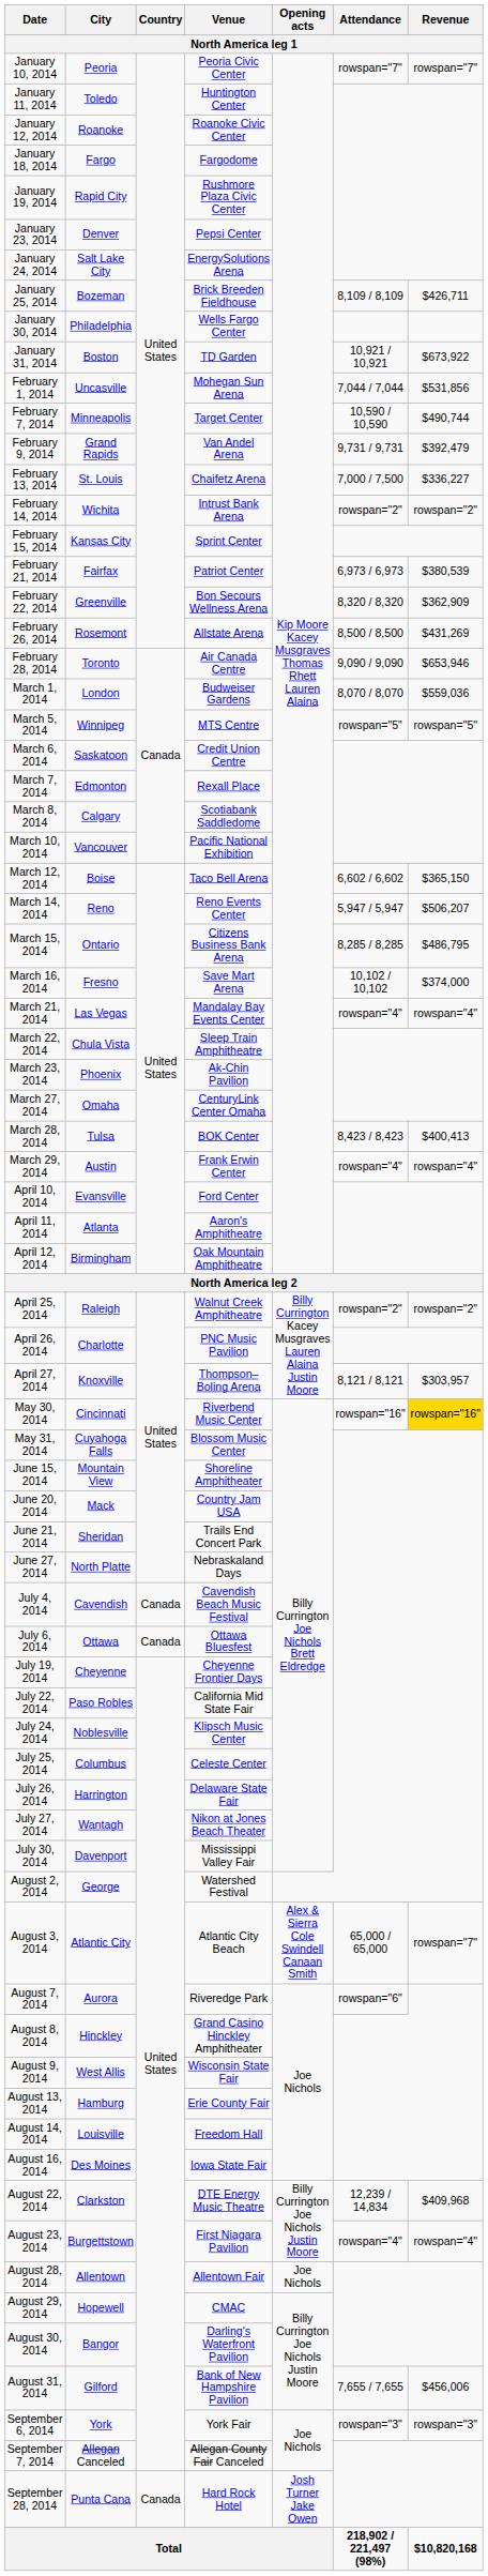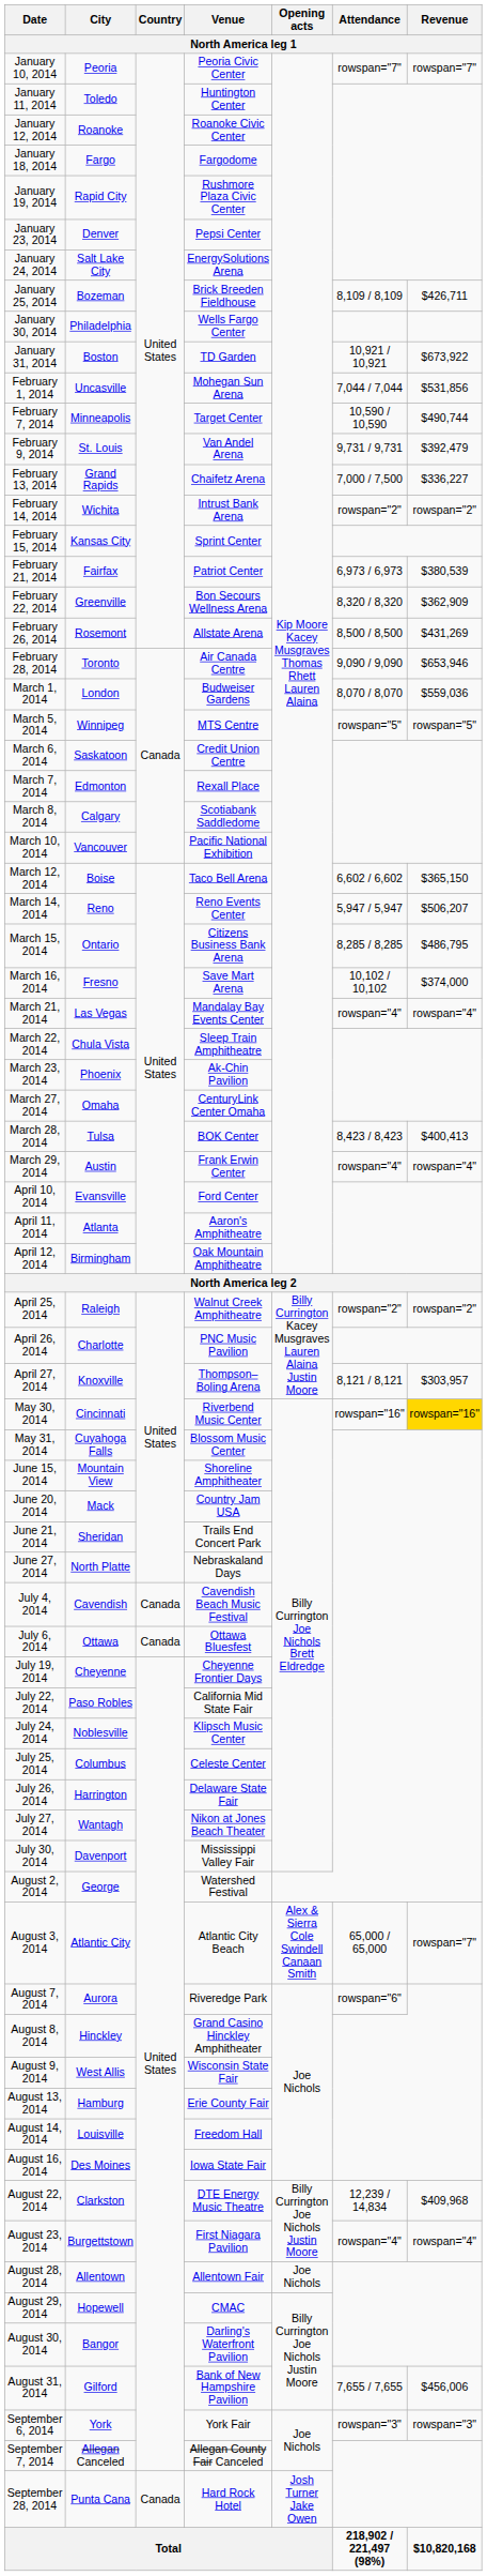 <table class="wikitable" style="text-align:center;">
 <tr>
 <th style="width:150px;">Date</th>
 <th style="width:150px;">City</th>
 <th style="width:150px;">Country</th>
 <th style="width:250px;">Venue</th>
 <th style="width:150px;">Opening acts</th>
 <th style="width:250px;">Attendance</th>
 <th style="width:150px;">Revenue</th>
 </tr>
 <tr>
 <th colspan="7"><strong>North America leg 1</strong></th>
 </tr>
 <tr>
 <td>January 10, 2014</td>
 <td><a href='#'>Peoria</a></td>
 <td rowspan="19">United States</td>
 <td><a href='#'>Peoria Civic Center</a></td>
 <td rowspan="39"><a href='#'>Kip Moore</a><br><a href='#'>Kacey Musgraves</a><br><a href='#'>Thomas Rhett</a><br><a href='#'>Lauren Alaina</a></td>
 <td>rowspan="7" </td>
 <td>rowspan="7" </td>
 </tr>
 <tr>
 <td>January 11, 2014</td>
 <td><a href='#'>Toledo</a></td>
 <td><a href='#'>Huntington Center</a></td>
 </tr>
 <tr>
 <td>January 12, 2014</td>
 <td><a href='#'>Roanoke</a></td>
 <td><a href='#'>Roanoke Civic Center</a></td>
 </tr>
 <tr>
 <td>January 18, 2014</td>
 <td><a href='#'>Fargo</a></td>
 <td><a href='#'>Fargodome</a></td>
 </tr>
 <tr>
 <td>January 19, 2014</td>
 <td><a href='#'>Rapid City</a></td>
 <td><a href='#'>Rushmore Plaza Civic Center</a></td>
 </tr>
 <tr>
 <td>January 23, 2014</td>
 <td><a href='#'>Denver</a></td>
 <td><a href='#'>Pepsi Center</a></td>
 </tr>
 <tr>
 <td>January 24, 2014</td>
 <td><a href='#'>Salt Lake City</a></td>
 <td><a href='#'>EnergySolutions Arena</a></td>
 </tr>
 <tr>
 <td>January 25, 2014</td>
 <td><a href='#'>Bozeman</a></td>
 <td><a href='#'>Brick Breeden Fieldhouse</a></td>
 <td>8,109 / 8,109</td>
 <td>$426,711</td>
 </tr>
 <tr>
 <td>January 30, 2014</td>
 <td><a href='#'>Philadelphia</a></td>
 <td><a href='#'>Wells Fargo Center</a></td>
 <td></td>
 <td></td>
 </tr>
 <tr>
 <td>January 31, 2014</td>
 <td><a href='#'>Boston</a></td>
 <td><a href='#'>TD Garden</a></td>
 <td>10,921 / 10,921</td>
 <td>$673,922</td>
 </tr>
 <tr>
 <td>February 1, 2014</td>
 <td><a href='#'>Uncasville</a></td>
 <td><a href='#'>Mohegan Sun Arena</a></td>
 <td>7,044 / 7,044</td>
 <td>$531,856</td>
 </tr>
 <tr>
 <td>February 7, 2014</td>
 <td><a href='#'>Minneapolis</a></td>
 <td><a href='#'>Target Center</a></td>
 <td>10,590 / 10,590</td>
 <td>$490,744</td>
 </tr>
 <tr>
 <td>February 9, 2014</td>
-<td><a href='#'>Grand Rapids</a></td>
+<td><a href='#'>St. Louis</a></td>
 <td><a href='#'>Van Andel Arena</a></td>
 <td>9,731 / 9,731</td>
 <td>$392,479</td>
 </tr>
 <tr>
 <td>February 13, 2014</td>
-<td><a href='#'>St. Louis</a></td>
+<td><a href='#'>Grand Rapids</a></td>
 <td><a href='#'>Chaifetz Arena</a></td>
 <td>7,000 / 7,500</td>
 <td>$336,227</td>
 </tr>
 <tr>
 <td>February 14, 2014</td>
 <td><a href='#'>Wichita</a></td>
 <td><a href='#'>Intrust Bank Arena</a></td>
 <td>rowspan="2" </td>
 <td>rowspan="2" </td>
 </tr>
 <tr>
 <td>February 15, 2014</td>
 <td><a href='#'>Kansas City</a></td>
 <td><a href='#'>Sprint Center</a></td>
 </tr>
 <tr>
 <td>February 21, 2014</td>
 <td><a href='#'>Fairfax</a></td>
 <td><a href='#'>Patriot Center</a></td>
 <td>6,973 / 6,973</td>
 <td>$380,539</td>
 </tr>
 <tr>
 <td>February 22, 2014</td>
 <td><a href='#'>Greenville</a></td>
 <td><a href='#'>Bon Secours Wellness Arena</a></td>
 <td>8,320 / 8,320</td>
 <td>$362,909</td>
 </tr>
 <tr>
 <td>February 26, 2014</td>
 <td><a href='#'>Rosemont</a></td>
 <td><a href='#'>Allstate Arena</a></td>
 <td>8,500 / 8,500</td>
 <td>$431,269</td>
 </tr>
 <tr>
 <td>February 28, 2014</td>
 <td><a href='#'>Toronto</a></td>
 <td rowspan="7">Canada</td>
 <td><a href='#'>Air Canada Centre</a></td>
 <td>9,090 / 9,090</td>
 <td>$653,946</td>
 </tr>
 <tr>
 <td>March 1, 2014</td>
 <td><a href='#'>London</a></td>
 <td><a href='#'>Budweiser Gardens</a></td>
 <td>8,070 / 8,070</td>
 <td>$559,036</td>
 </tr>
 <tr>
 <td>March 5, 2014</td>
 <td><a href='#'>Winnipeg</a></td>
 <td><a href='#'>MTS Centre</a></td>
 <td>rowspan="5" </td>
 <td>rowspan="5" </td>
 </tr>
 <tr>
 <td>March 6, 2014</td>
 <td><a href='#'>Saskatoon</a></td>
 <td><a href='#'>Credit Union Centre</a></td>
 </tr>
 <tr>
 <td>March 7, 2014</td>
 <td><a href='#'>Edmonton</a></td>
 <td><a href='#'>Rexall Place</a></td>
 </tr>
 <tr>
 <td>March 8, 2014</td>
 <td><a href='#'>Calgary</a></td>
 <td><a href='#'>Scotiabank Saddledome</a></td>
 </tr>
 <tr>
 <td>March 10, 2014</td>
 <td><a href='#'>Vancouver</a></td>
 <td><a href='#'>Pacific National Exhibition</a></td>
 </tr>
 <tr>
 <td>March 12, 2014</td>
 <td><a href='#'>Boise</a></td>
 <td rowspan="13">United States</td>
 <td><a href='#'>Taco Bell Arena</a></td>
 <td>6,602 / 6,602</td>
 <td>$365,150</td>
 </tr>
 <tr>
 <td>March 14, 2014</td>
 <td><a href='#'>Reno</a></td>
 <td><a href='#'>Reno Events Center</a></td>
 <td>5,947 / 5,947</td>
 <td>$506,207</td>
 </tr>
 <tr>
 <td>March 15, 2014</td>
 <td><a href='#'>Ontario</a></td>
 <td><a href='#'>Citizens Business Bank Arena</a></td>
 <td>8,285 / 8,285</td>
 <td>$486,795</td>
 </tr>
 <tr>
 <td>March 16, 2014</td>
 <td><a href='#'>Fresno</a></td>
 <td><a href='#'>Save Mart Arena</a></td>
 <td>10,102 / 10,102</td>
 <td>$374,000</td>
 </tr>
 <tr>
 <td>March 21, 2014</td>
 <td><a href='#'>Las Vegas</a></td>
 <td><a href='#'>Mandalay Bay Events Center</a></td>
 <td>rowspan="4" </td>
 <td>rowspan="4" </td>
 </tr>
 <tr>
 <td>March 22, 2014</td>
 <td><a href='#'>Chula Vista</a></td>
 <td><a href='#'>Sleep Train Amphitheatre</a></td>
 </tr>
 <tr>
 <td>March 23, 2014</td>
 <td><a href='#'>Phoenix</a></td>
 <td><a href='#'>Ak-Chin Pavilion</a></td>
 </tr>
 <tr>
 <td>March 27, 2014</td>
 <td><a href='#'>Omaha</a></td>
 <td><a href='#'>CenturyLink Center Omaha</a></td>
 </tr>
 <tr>
 <td>March 28, 2014</td>
 <td><a href='#'>Tulsa</a></td>
 <td><a href='#'>BOK Center</a></td>
 <td>8,423 / 8,423</td>
 <td>$400,413</td>
 </tr>
 <tr>
 <td>March 29, 2014</td>
 <td><a href='#'>Austin</a></td>
 <td><a href='#'>Frank Erwin Center</a></td>
 <td>rowspan="4" </td>
 <td>rowspan="4" </td>
 </tr>
 <tr>
 <td>April 10, 2014</td>
 <td><a href='#'>Evansville</a></td>
 <td><a href='#'>Ford Center</a></td>
 </tr>
 <tr>
 <td>April 11, 2014</td>
 <td><a href='#'>Atlanta</a></td>
 <td><a href='#'>Aaron's Amphitheatre</a></td>
 </tr>
 <tr>
 <td>April 12, 2014</td>
 <td><a href='#'>Birmingham</a></td>
 <td><a href='#'>Oak Mountain Amphitheatre</a></td>
 </tr>
 <tr>
 <th colspan="7">North America leg 2</th>
 </tr>
 <tr>
 <td>April 25, 2014</td>
 <td><a href='#'>Raleigh</a></td>
 <td rowspan="9">United States</td>
 <td><a href='#'>Walnut Creek Amphitheatre</a></td>
 <td rowspan="3"><a href='#'>Billy Currington</a><br>Kacey Musgraves<br><a href='#'>Lauren Alaina</a><br><a href='#'>Justin Moore</a></td>
 <td>rowspan="2" </td>
 <td>rowspan="2" </td>
 </tr>
 <tr>
 <td>April 26, 2014</td>
 <td><a href='#'>Charlotte</a></td>
 <td><a href='#'>PNC Music Pavilion</a></td>
 </tr>
 <tr>
 <td>April 27, 2014</td>
 <td><a href='#'>Knoxville</a></td>
 <td><a href='#'>Thompson–Boling Arena</a></td>
 <td>8,121 / 8,121</td>
 <td>$303,957</td>
 </tr>
 <tr>
 <td>May 30, 2014</td>
 <td><a href='#'>Cincinnati</a></td>
 <td><a href='#'>Riverbend Music Center</a></td>
 <td rowspan="15">Billy Currington<br><a href='#'>Joe Nichols</a><br><a href='#'>Brett Eldredge</a></td>
 <td>rowspan="16" </td>
 <td style="background: gold;">rowspan="16" </td>
 </tr>
 <tr>
 <td>May 31, 2014</td>
 <td><a href='#'>Cuyahoga Falls</a></td>
 <td><a href='#'>Blossom Music Center</a></td>
 </tr>
 <tr>
 <td>June 15, 2014</td>
 <td><a href='#'>Mountain View</a></td>
 <td><a href='#'>Shoreline Amphitheater</a></td>
 </tr>
 <tr>
 <td>June 20, 2014</td>
 <td><a href='#'>Mack</a></td>
 <td><a href='#'>Country Jam USA</a></td>
 </tr>
 <tr>
 <td>June 21, 2014</td>
 <td><a href='#'>Sheridan</a></td>
 <td>Trails End Concert Park</td>
 </tr>
 <tr>
 <td>June 27, 2014</td>
 <td><a href='#'>North Platte</a></td>
 <td>Nebraskaland Days</td>
 </tr>
 <tr>
 <td>July 4, 2014</td>
 <td><a href='#'>Cavendish</a></td>
 <td>Canada</td>
 <td><a href='#'>Cavendish Beach Music Festival</a></td>
 </tr>
 <tr>
 <td>July 6, 2014</td>
 <td><a href='#'>Ottawa</a></td>
 <td>Canada</td>
 <td><a href='#'>Ottawa Bluesfest</a></td>
 </tr>
 <tr>
 <td>July 19, 2014</td>
 <td><a href='#'>Cheyenne</a></td>
 <td rowspan="23">United States</td>
 <td><a href='#'>Cheyenne Frontier Days</a></td>
 </tr>
 <tr>
 <td>July 22, 2014</td>
 <td><a href='#'>Paso Robles</a></td>
 <td>California Mid State Fair</td>
 </tr>
 <tr>
 <td>July 24, 2014</td>
 <td><a href='#'>Noblesville</a></td>
 <td><a href='#'>Klipsch Music Center</a></td>
 </tr>
 <tr>
 <td>July 25, 2014</td>
 <td><a href='#'>Columbus</a></td>
 <td><a href='#'>Celeste Center</a></td>
 </tr>
 <tr>
 <td>July 26, 2014</td>
 <td><a href='#'>Harrington</a></td>
 <td><a href='#'>Delaware State Fair</a></td>
 </tr>
 <tr>
 <td>July 27, 2014</td>
 <td><a href='#'>Wantagh</a></td>
 <td><a href='#'>Nikon at Jones Beach Theater</a></td>
 </tr>
 <tr>
 <td>July 30, 2014</td>
 <td><a href='#'>Davenport</a></td>
 <td>Mississippi Valley Fair</td>
 </tr>
 <tr>
 <td>August 2, 2014</td>
 <td><a href='#'>George</a></td>
 <td>Watershed Festival</td>
 </tr>
 <tr>
 <td>August 3, 2014</td>
 <td><a href='#'>Atlantic City</a></td>
 <td>Atlantic City Beach</td>
 <td><a href='#'>Alex & Sierra</a><br><a href='#'>Cole Swindell</a><br><a href='#'>Canaan Smith</a></td>
 <td>65,000 / 65,000</td>
 <td>rowspan="7" </td>
 </tr>
 <tr>
 <td>August 7, 2014</td>
 <td><a href='#'>Aurora</a></td>
 <td>Riveredge Park</td>
 <td rowspan="6">Joe Nichols</td>
 <td>rowspan="6" </td>
 </tr>
 <tr>
 <td>August 8, 2014</td>
 <td><a href='#'>Hinckley</a></td>
 <td><a href='#'>Grand Casino Hinckley</a> Amphitheater</td>
 </tr>
 <tr>
 <td>August 9, 2014</td>
 <td><a href='#'>West Allis</a></td>
 <td><a href='#'>Wisconsin State Fair</a></td>
 </tr>
 <tr>
 <td>August 13, 2014</td>
 <td><a href='#'>Hamburg</a></td>
 <td><a href='#'>Erie County Fair</a></td>
 </tr>
 <tr>
 <td>August 14, 2014</td>
 <td><a href='#'>Louisville</a></td>
 <td><a href='#'>Freedom Hall</a></td>
 </tr>
 <tr>
 <td>August 16, 2014 </td>
 <td><a href='#'>Des Moines</a></td>
 <td><a href='#'>Iowa State Fair</a></td>
 </tr>
 <tr>
 <td>August 22, 2014</td>
 <td><a href='#'>Clarkston</a></td>
 <td><a href='#'>DTE Energy Music Theatre</a></td>
 <td rowspan="2">Billy Currington<br>Joe Nichols<br><a href='#'>Justin Moore</a></td>
 <td>12,239 / 14,834</td>
 <td>$409,968</td>
 </tr>
 <tr>
 <td>August 23, 2014</td>
 <td><a href='#'>Burgettstown</a></td>
 <td><a href='#'>First Niagara Pavilion</a></td>
 <td>rowspan="4" </td>
 <td>rowspan="4" </td>
 </tr>
 <tr>
 <td>August 28, 2014</td>
 <td><a href='#'>Allentown</a></td>
 <td><a href='#'>Allentown Fair</a></td>
 <td>Joe Nichols</td>
 </tr>
 <tr>
 <td>August 29, 2014</td>
 <td><a href='#'>Hopewell</a></td>
 <td><a href='#'>CMAC</a></td>
 <td rowspan="3">Billy Currington<br>Joe Nichols<br>Justin Moore</td>
 </tr>
 <tr>
 <td>August 30, 2014</td>
 <td><a href='#'>Bangor</a></td>
 <td><a href='#'>Darling's Waterfront Pavilion</a></td>
 </tr>
 <tr>
 <td>August 31, 2014</td>
 <td><a href='#'>Gilford</a></td>
 <td><a href='#'>Bank of New Hampshire Pavilion</a></td>
 <td>7,655 / 7,655</td>
 <td>$456,006</td>
 </tr>
 <tr>
 <td>September 6, 2014</td>
 <td><a href='#'>York</a></td>
 <td>York Fair</td>
 <td rowspan="2">Joe Nichols</td>
 <td>rowspan="3" </td>
 <td>rowspan="3" </td>
 </tr>
 <tr>
 <td>September 7, 2014</td>
 <td><s><a href='#'>Allegan</a></s> Canceled</td>
 <td><s>Allegan County Fair</s> Canceled</td>
 </tr>
 <tr>
 <td>September 28, 2014</td>
 <td><a href='#'>Punta Cana</a></td>
 <td>Canada</td>
 <td><a href='#'>Hard Rock Hotel</a></td>
 <td><a href='#'>Josh Turner</a><br><a href='#'>Jake Owen</a></td>
 </tr>
 <tr>
 <th colspan="5"><strong>Total</strong></th>
 <td><strong>218,902 / 221,497 (98%)</strong></td>
 <td><strong>$10,820,168</strong></td>
 </tr>
 </table>
